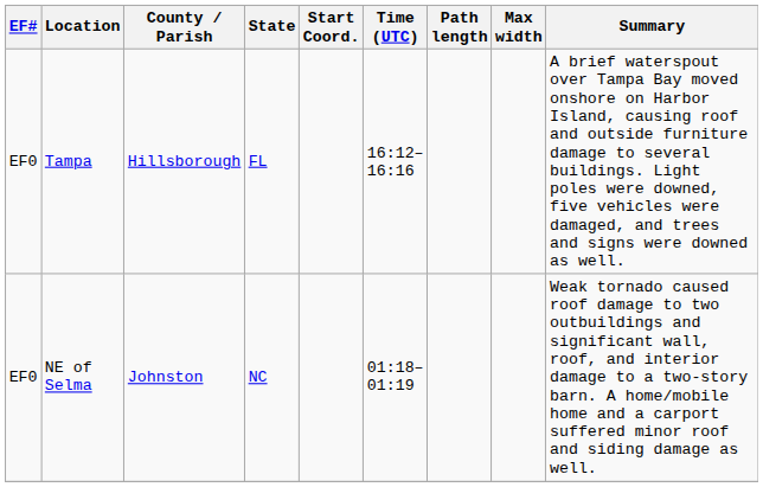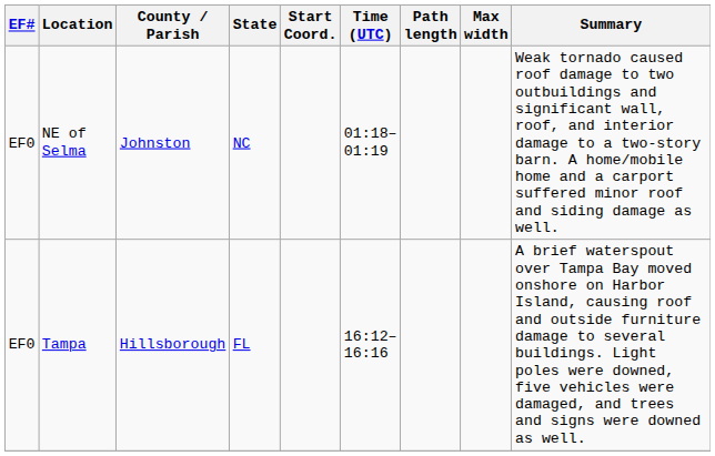 <table class="wikitable sortable" style="width:100%;">
 <tr>
 <th scope="col"  style="width:3%; text-align:center;"><a href='#'>EF#</a></th>
 <th scope="col"  style="width:7%; text-align:center;" class="unsortable">Location</th>
 <th scope="col"  style="width:6%; text-align:center;" class="unsortable">County / Parish</th>
 <th scope="col"  style="width:5%; text-align:center;">State</th>
 <th scope="col"  style="width:6%; text-align:center;">Start Coord.</th>
 <th scope="col"  style="width:6%; text-align:center;">Time (<a href='#'>UTC</a>)</th>
 <th scope="col"  style="width:6%; text-align:center;">Path length</th>
 <th scope="col"  style="width:6%; text-align:center;">Max width</th>
 <th scope="col" class="unsortable" style="width:48%; text-align:center;">Summary</th>
 </tr>
 <tr>
 <td>EF0</td>
+<td>NE of <a href='#'>Selma</a></td>
+<td><a href='#'>Johnston</a></td>
+<td><a href='#'>NC</a></td>
+<td></td>
+<td>01:18–01:19</td>
+<td></td>
+<td></td>
+<td>Weak tornado caused roof damage to two outbuildings and significant wall, roof, and interior damage to a two-story barn. A home/mobile home and a carport suffered minor roof and siding damage as well.</td>
+</tr>
+<tr>
+<td>EF0</td>
 <td><a href='#'>Tampa</a></td>
 <td><a href='#'>Hillsborough</a></td>
 <td><a href='#'>FL</a></td>
 <td></td>
 <td>16:12–16:16</td>
 <td></td>
 <td></td>
 <td>A brief waterspout over Tampa Bay moved onshore on Harbor Island, causing roof and outside furniture damage to several buildings. Light poles were downed, five vehicles were damaged, and trees and signs were downed as well.</td>
 </tr>
 <tr>
-<td>EF0</td>
-<td>NE of <a href='#'>Selma</a></td>
-<td><a href='#'>Johnston</a></td>
-<td><a href='#'>NC</a></td>
-<td></td>
-<td>01:18–01:19</td>
-<td></td>
-<td></td>
-<td>Weak tornado caused roof damage to two outbuildings and significant wall, roof, and interior damage to a two-story barn. A home/mobile home and a carport suffered minor roof and siding damage as well.</td>
-</tr>
-<tr>
 </tr>
 </table>
